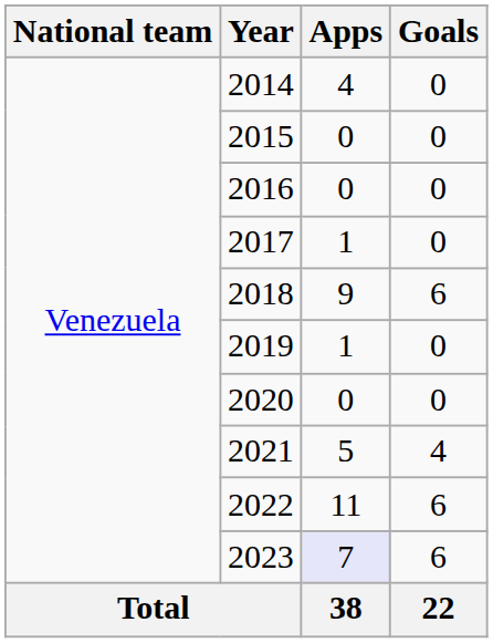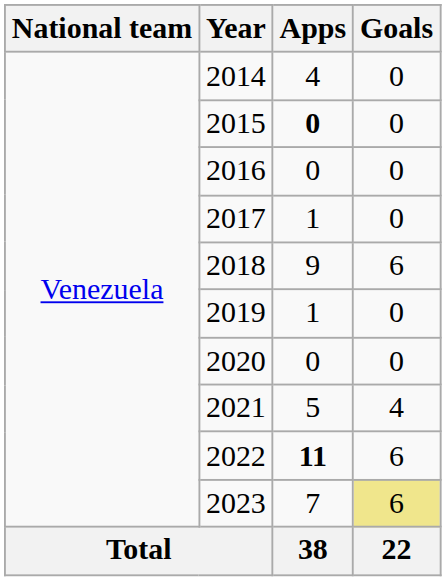 <table class="wikitable" style="text-align:center">
 <tr>
 <th>National team</th>
 <th>Year</th>
 <th>Apps</th>
 <th>Goals</th>
 </tr>
 <tr>
 <td rowspan="10"><a href='#'>Venezuela</a></td>
 <td>2014</td>
 <td>4</td>
 <td>0</td>
 </tr>
 <tr>
 <td>2015</td>
-<td>0</td>
+<td><strong>0</strong></td>
 <td>0</td>
 </tr>
 <tr>
 <td>2016</td>
 <td>0</td>
 <td>0</td>
 </tr>
 <tr>
 <td>2017</td>
 <td>1</td>
 <td>0</td>
 </tr>
 <tr>
 <td>2018</td>
 <td>9</td>
 <td>6</td>
 </tr>
 <tr>
 <td>2019</td>
 <td>1</td>
 <td>0</td>
 </tr>
 <tr>
 <td>2020</td>
 <td>0</td>
 <td>0</td>
 </tr>
 <tr>
 <td>2021</td>
 <td>5</td>
 <td>4</td>
 </tr>
 <tr>
 <td>2022</td>
-<td>11</td>
+<td><strong>11</strong></td>
 <td>6</td>
 </tr>
 <tr>
 <td>2023</td>
-<td style="background: lavender;">7</td>
-<td>6</td>
+<td>7</td>
+<td style="background: khaki;">6</td>
 </tr>
 <tr>
 <th colspan="2">Total</th>
 <th>38</th>
 <th>22</th>
 </tr>
 </table>
